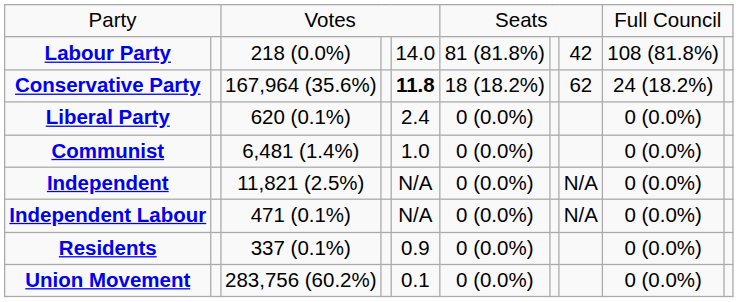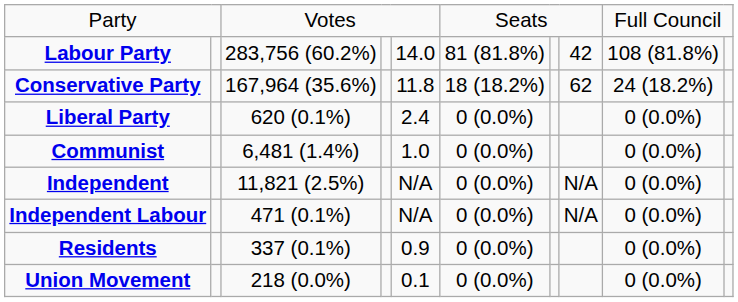 <table class=wikitable style="text-align:center;">
 <tr>
 <td colspan=2>Party</td>
 <td colspan=3>Votes</td>
 <td colspan=3>Seats</td>
 <td colspan=3>Full Council</td>
 </tr>
 <tr>
 <td><strong><a href='#'>Labour Party</a></strong></td>
 <td style="background:"></td>
-<td>218 (0.0%)</td>
+<td>283,756 (60.2%)</td>
 <td></td>
 <td> 14.0</td>
 <td>81 (81.8%)</td>
 <td></td>
 <td> 42</td>
 <td>108 (81.8%)</td>
 <td></td>
 </tr>
 <tr>
 <td><strong><a href='#'>Conservative Party</a></strong></td>
 <td style="background:"></td>
 <td>167,964 (35.6%)</td>
 <td></td>
-<td><strong> 11.8</strong></td>
+<td> 11.8</td>
 <td>18 (18.2%)</td>
 <td></td>
 <td> 62</td>
 <td>24 (18.2%)</td>
 <td></td>
 </tr>
 <tr>
 <td><strong><a href='#'>Liberal Party</a></strong></td>
 <td style="background:"></td>
 <td>620 (0.1%)</td>
 <td></td>
 <td> 2.4</td>
 <td>0 (0.0%)</td>
 <td></td>
 <td></td>
 <td>0 (0.0%)</td>
 <td></td>
 </tr>
 <tr>
 <td><strong><a href='#'>Communist</a></strong></td>
 <td style="background:"></td>
 <td>6,481 (1.4%)</td>
 <td></td>
 <td> 1.0</td>
 <td>0 (0.0%)</td>
 <td></td>
 <td></td>
 <td>0 (0.0%)</td>
 <td></td>
 </tr>
 <tr>
 <td><strong><a href='#'>Independent</a></strong></td>
 <td style="background:"></td>
 <td>11,821 (2.5%)</td>
 <td></td>
 <td>N/A</td>
 <td>0 (0.0%)</td>
 <td></td>
 <td>N/A</td>
 <td>0 (0.0%)</td>
 <td></td>
 </tr>
 <tr>
 <td><strong><a href='#'>Independent Labour</a></strong></td>
 <td style="background:"></td>
 <td>471 (0.1%)</td>
 <td></td>
 <td>N/A</td>
 <td>0 (0.0%)</td>
 <td></td>
 <td>N/A</td>
 <td>0 (0.0%)</td>
 <td></td>
 </tr>
 <tr>
 <td><strong><a href='#'>Residents</a></strong></td>
 <td style="background:"></td>
 <td>337 (0.1%)</td>
 <td></td>
 <td> 0.9</td>
 <td>0 (0.0%)</td>
 <td></td>
 <td></td>
 <td>0 (0.0%)</td>
 <td></td>
 </tr>
 <tr>
 <td><strong><a href='#'>Union Movement</a></strong></td>
 <td style="background:"></td>
-<td>283,756 (60.2%)</td>
+<td>218 (0.0%)</td>
 <td></td>
 <td> 0.1</td>
 <td>0 (0.0%)</td>
 <td></td>
 <td></td>
 <td>0 (0.0%)</td>
 <td></td>
 </tr>
 </table>
